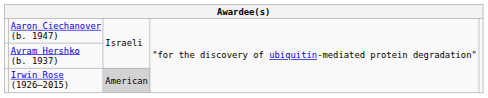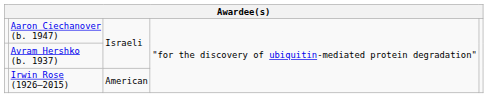 <table class="wikitable">
 <tr>
 <th colspan="5">Awardee(s)</th>
 </tr>
 <tr>
 <td></td>
 <td><a href='#'>Aaron Ciechanover</a><br>(b. 1947)</td>
 <td rowspan="2"> Israeli</td>
 <td rowspan="3">"for the discovery of <a href='#'>ubiquitin</a>-mediated protein degradation"</td>
 <td rowspan="3"></td>
 </tr>
 <tr>
 <td></td>
 <td><a href='#'>Avram Hershko</a><br>(b. 1937)</td>
 </tr>
 <tr>
 <td></td>
 <td><a href='#'>Irwin Rose</a><br>(1926–2015)</td>
-<td style="background: lightgrey;"> American</td>
+<td> American</td>
 </tr>
 </table>
